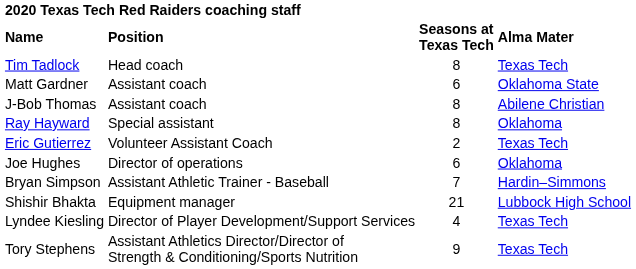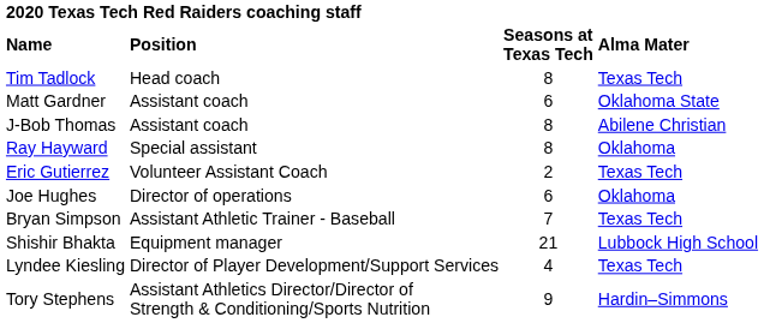 <table class="toccolours" style="text-align: left; font-size:90%">
 <tr>
 <th colspan="9">2020 Texas Tech Red Raiders coaching staff</th>
 </tr>
 <tr>
 <th>Name</th>
 <th>Position</th>
 <th>Seasons at<br>Texas Tech</th>
 <th>Alma Mater</th>
 </tr>
 <tr>
 <td><a href='#'>Tim Tadlock</a></td>
 <td>Head coach</td>
 <td align=center>8</td>
 <td><a href='#'>Texas Tech</a></td>
 </tr>
 <tr>
 <td>Matt Gardner</td>
 <td>Assistant coach</td>
 <td align=center>6</td>
 <td><a href='#'>Oklahoma State</a></td>
 </tr>
 <tr>
 <td>J-Bob Thomas</td>
 <td>Assistant coach</td>
 <td align=center>8</td>
 <td><a href='#'>Abilene Christian</a></td>
 </tr>
 <tr>
 <td><a href='#'>Ray Hayward</a></td>
 <td>Special assistant</td>
 <td align=center>8</td>
 <td><a href='#'>Oklahoma</a></td>
 </tr>
 <tr>
 <td><a href='#'>Eric Gutierrez</a></td>
 <td>Volunteer Assistant Coach</td>
 <td align=center>2</td>
 <td><a href='#'>Texas Tech</a></td>
 </tr>
 <tr>
 <td>Joe Hughes</td>
 <td>Director of operations</td>
 <td align=center>6</td>
 <td><a href='#'>Oklahoma</a></td>
 </tr>
 <tr>
 <td>Bryan Simpson</td>
 <td>Assistant Athletic Trainer - Baseball</td>
 <td align=center>7</td>
-<td><a href='#'>Hardin–Simmons</a></td>
+<td><a href='#'>Texas Tech</a></td>
 </tr>
 <tr>
 <td>Shishir Bhakta</td>
 <td>Equipment manager</td>
 <td align=center>21</td>
 <td><a href='#'>Lubbock High School</a></td>
 </tr>
 <tr>
 <td>Lyndee Kiesling</td>
 <td>Director of Player Development/Support Services</td>
 <td align=center>4</td>
 <td><a href='#'>Texas Tech</a></td>
 </tr>
 <tr>
 <td>Tory Stephens</td>
 <td>Assistant Athletics Director/Director of<br>Strength & Conditioning/Sports Nutrition</td>
 <td align=center>9</td>
-<td><a href='#'>Texas Tech</a></td>
+<td><a href='#'>Hardin–Simmons</a></td>
 </tr>
 </table>
